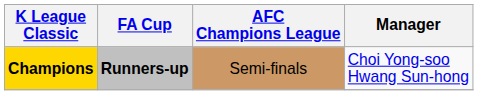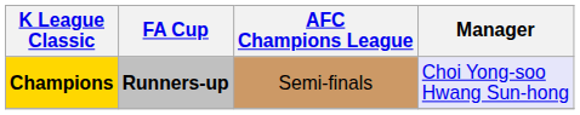 <table class="wikitable" style="text-align:center">
 <tr>
 <th><a href='#'>K League<br>Classic</a></th>
 <th><a href='#'>FA Cup</a></th>
 <th><a href='#'>AFC<br>Champions League</a></th>
 <th>Manager</th>
 </tr>
 <tr>
 <td bgcolor=gold><strong>Champions</strong></td>
 <td bgcolor=silver><strong>Runners-up</strong></td>
 <td bgcolor=#CC9966>Semi-finals</td>
-<td align=left> <a href='#'>Choi Yong-soo</a><br> <a href='#'>Hwang Sun-hong</a></td>
+<td align=left style="background: lavender;"> <a href='#'>Choi Yong-soo</a><br> <a href='#'>Hwang Sun-hong</a></td>
 </tr>
 <tr>
 </tr>
 </table>
